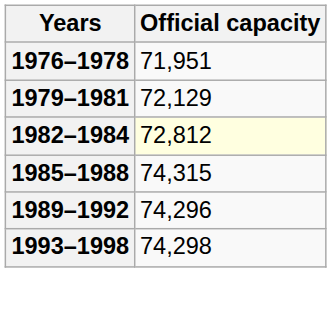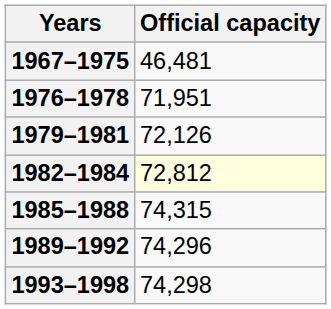 <table class="wikitable" style="float:right;">
 <tr>
 <th scope="col">Years</th>
 <th scope="col">Official capacity</th>
+</tr>
+<tr>
+<th scope="row">1967–1975</th>
+<td>46,481</td>
 </tr>
 <tr>
 <th scope="row">1976–1978</th>
 <td>71,951</td>
 </tr>
 <tr>
 <th scope="row">1979–1981</th>
-<td>72,129</td>
+<td>72,126</td>
 </tr>
 <tr>
 <th scope="row">1982–1984</th>
 <td style="background: lightyellow;">72,812</td>
 </tr>
 <tr>
 <th scope="row">1985–1988</th>
 <td>74,315</td>
 </tr>
 <tr>
 <th scope="row">1989–1992</th>
 <td>74,296</td>
 </tr>
 <tr>
 <th scope="row">1993–1998</th>
 <td>74,298</td>
 </tr>
 </table>
